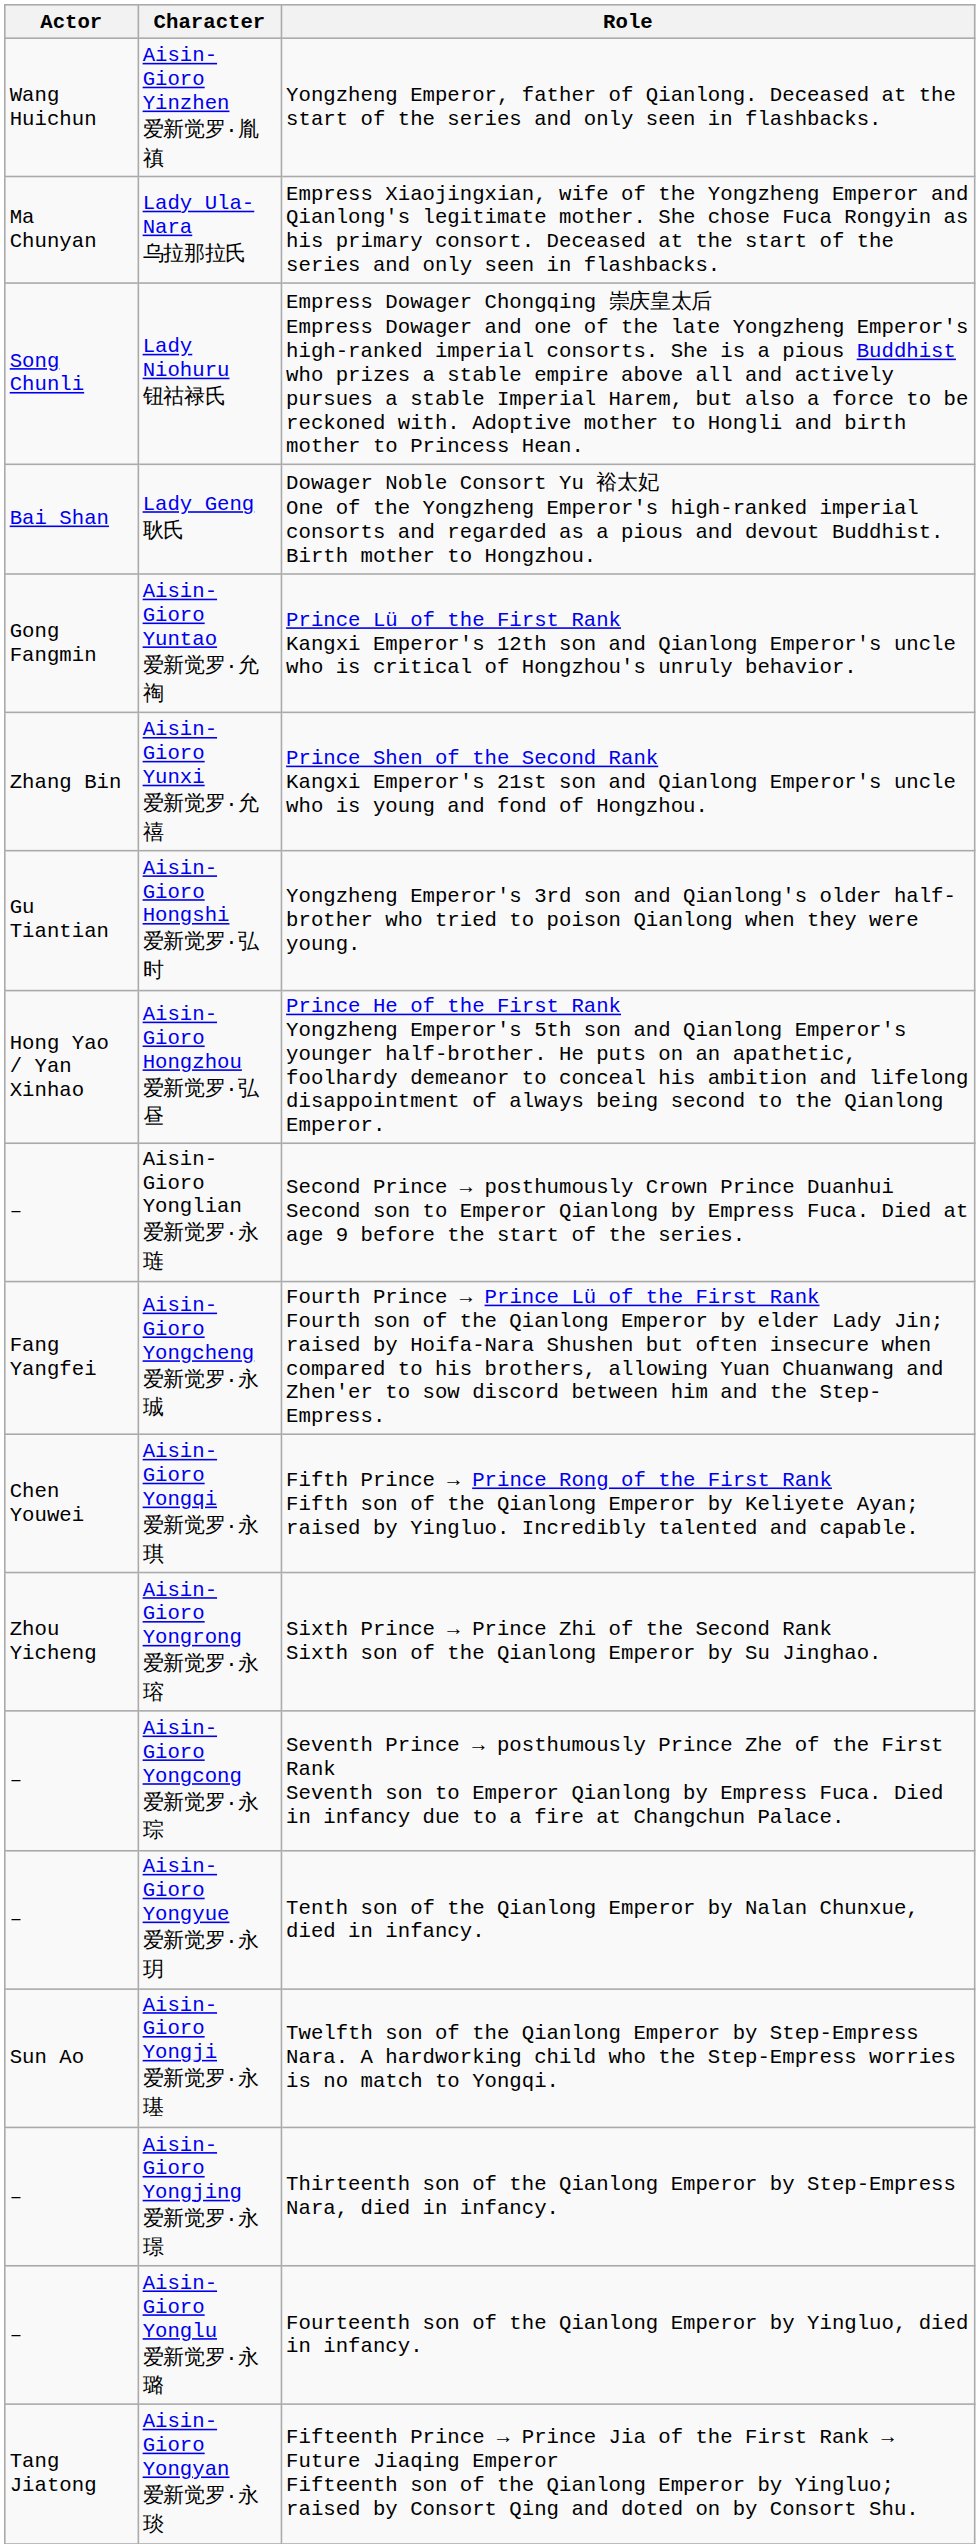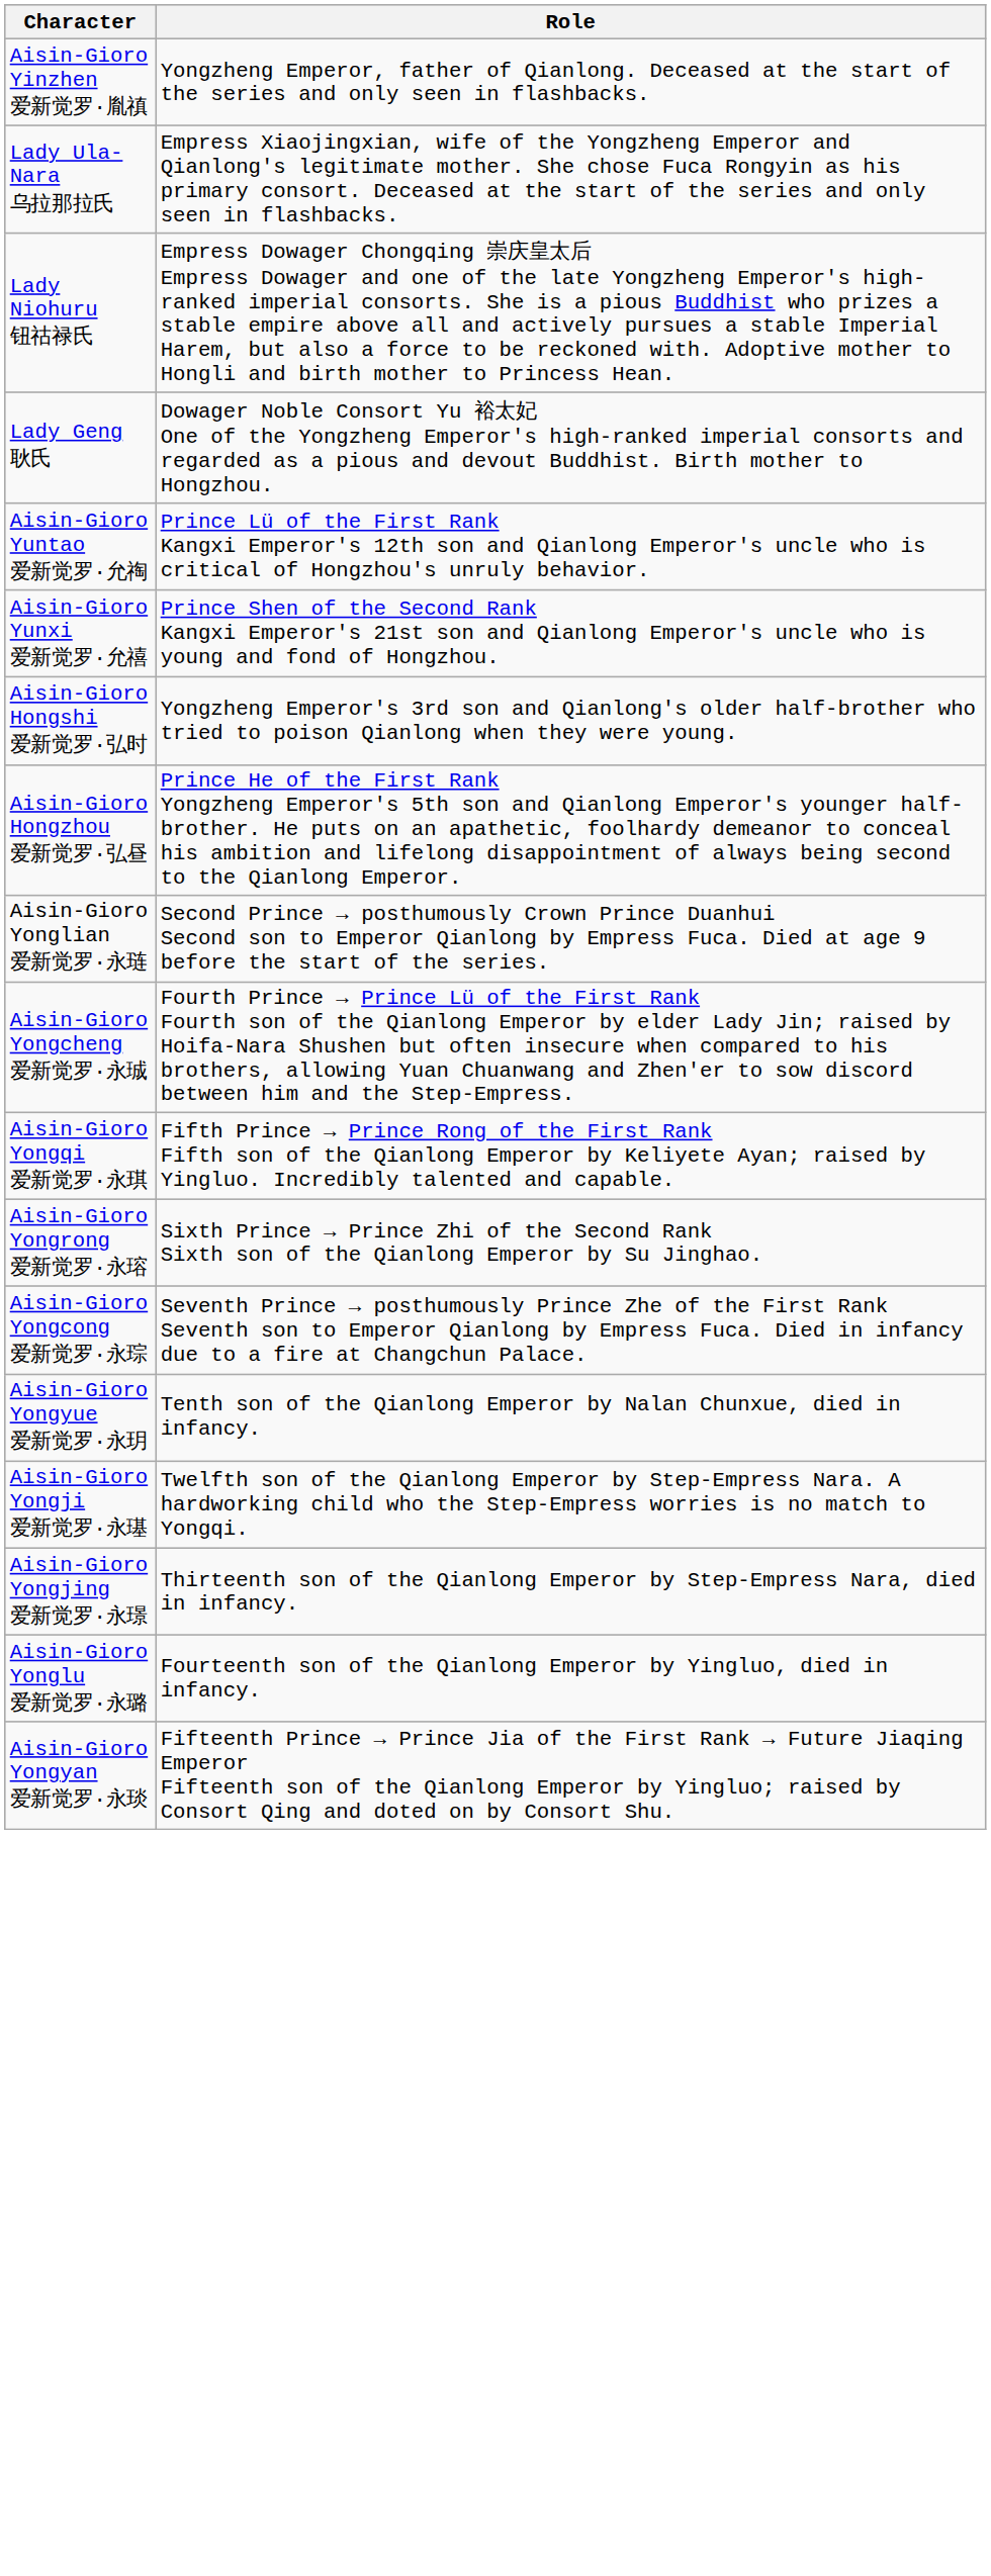 <table class="wikitable">
 <tr>
-<th>Actor</th>
 <th>Character</th>
 <th>Role</th>
 </tr>
 <tr>
-<td>Wang Huichun</td>
 <td><a href='#'>Aisin-Gioro Yinzhen</a><br>爱新觉罗·胤禛</td>
 <td>Yongzheng Emperor, father of Qianlong. Deceased at the start of the series and only seen in flashbacks.</td>
 </tr>
 <tr>
-<td>Ma Chunyan</td>
 <td><a href='#'>Lady Ula-Nara</a><br>乌拉那拉氏</td>
 <td>Empress Xiaojingxian, wife of the Yongzheng Emperor and Qianlong's legitimate mother. She chose Fuca Rongyin as his primary consort. Deceased at the start of the series and only seen in flashbacks.</td>
 </tr>
 <tr>
-<td><a href='#'>Song Chunli</a></td>
 <td><a href='#'>Lady Niohuru</a><br>钮祜禄氏</td>
 <td>Empress Dowager Chongqing 崇庆皇太后<br>Empress Dowager and one of the late Yongzheng Emperor's high-ranked imperial consorts. She is a pious <a href='#'>Buddhist</a> who prizes a stable empire above all and actively pursues a stable Imperial Harem, but also a force to be reckoned with. Adoptive mother to Hongli and birth mother to Princess Hean.</td>
 </tr>
 <tr>
-<td><a href='#'>Bai Shan</a></td>
 <td><a href='#'>Lady Geng</a><br>耿氏</td>
 <td>Dowager Noble Consort Yu 裕太妃<br>One of the Yongzheng Emperor's high-ranked imperial consorts and regarded as a pious and devout Buddhist. Birth mother to Hongzhou.</td>
 </tr>
 <tr>
-<td>Gong Fangmin</td>
 <td><a href='#'>Aisin-Gioro Yuntao</a><br>爱新觉罗·允祹</td>
 <td><a href='#'>Prince Lü of the First Rank</a><br>Kangxi Emperor's 12th son and Qianlong Emperor's uncle who is critical of Hongzhou's unruly behavior.</td>
 </tr>
 <tr>
-<td>Zhang Bin</td>
 <td><a href='#'>Aisin-Gioro Yunxi</a><br>爱新觉罗·允禧</td>
 <td><a href='#'>Prince Shen of the Second Rank</a><br>Kangxi Emperor's 21st son and Qianlong Emperor's uncle who is young and fond of Hongzhou.</td>
 </tr>
 <tr>
-<td>Gu Tiantian</td>
 <td><a href='#'>Aisin-Gioro Hongshi</a><br>爱新觉罗·弘时</td>
 <td>Yongzheng Emperor's 3rd son and Qianlong's older half-brother who tried to poison Qianlong when they were young.</td>
 </tr>
 <tr>
-<td>Hong Yao / Yan Xinhao</td>
 <td><a href='#'>Aisin-Gioro Hongzhou</a><br>爱新觉罗·弘昼</td>
 <td><a href='#'>Prince He of the First Rank</a><br>Yongzheng Emperor's 5th son and Qianlong Emperor's younger half-brother. He puts on an apathetic, foolhardy demeanor to conceal his ambition and lifelong disappointment of always being second to the Qianlong Emperor.</td>
 </tr>
 <tr>
-<td>–</td>
 <td>Aisin-Gioro Yonglian<br>爱新觉罗·永琏</td>
 <td>Second Prince → posthumously Crown Prince Duanhui<br>Second son to Emperor Qianlong by Empress Fuca. Died at age 9 before the start of the series.</td>
 </tr>
 <tr>
-<td>Fang Yangfei</td>
 <td><a href='#'>Aisin-Gioro Yongcheng</a><br>爱新觉罗·永珹</td>
 <td>Fourth Prince → <a href='#'>Prince Lü of the First Rank</a><br>Fourth son of the Qianlong Emperor by elder Lady Jin; raised by Hoifa-Nara Shushen but often insecure when compared to his brothers, allowing Yuan Chuanwang and Zhen'er to sow discord between him and the Step-Empress.</td>
 </tr>
 <tr>
-<td>Chen Youwei</td>
 <td><a href='#'>Aisin-Gioro Yongqi</a><br>爱新觉罗·永琪</td>
 <td>Fifth Prince → <a href='#'>Prince Rong of the First Rank</a><br>Fifth son of the Qianlong Emperor by Keliyete Ayan; raised by Yingluo. Incredibly talented and capable.</td>
 </tr>
 <tr>
-<td>Zhou Yicheng</td>
 <td><a href='#'>Aisin-Gioro Yongrong</a><br>爱新觉罗·永瑢</td>
 <td>Sixth Prince → Prince Zhi of the Second Rank<br>Sixth son of the Qianlong Emperor by Su Jinghao.</td>
 </tr>
 <tr>
-<td>–</td>
 <td><a href='#'>Aisin-Gioro Yongcong</a><br>爱新觉罗·永琮</td>
 <td>Seventh Prince → posthumously Prince Zhe of the First Rank<br>Seventh son to Emperor Qianlong by Empress Fuca. Died in infancy due to a fire at Changchun Palace.</td>
 </tr>
 <tr>
-<td>–</td>
 <td><a href='#'>Aisin-Gioro Yongyue</a><br>爱新觉罗·永玥</td>
 <td>Tenth son of the Qianlong Emperor by Nalan Chunxue, died in infancy.</td>
 </tr>
 <tr>
-<td>Sun Ao</td>
 <td><a href='#'>Aisin-Gioro Yongji</a><br>爱新觉罗·永璂</td>
 <td>Twelfth son of the Qianlong Emperor by Step-Empress Nara. A hardworking child who the Step-Empress worries is no match to Yongqi.</td>
 </tr>
 <tr>
-<td>–</td>
 <td><a href='#'>Aisin-Gioro Yongjing</a><br>爱新觉罗·永璟</td>
 <td>Thirteenth son of the Qianlong Emperor by Step-Empress Nara, died in infancy.</td>
 </tr>
 <tr>
-<td>–</td>
 <td><a href='#'>Aisin-Gioro Yonglu</a><br>爱新觉罗·永璐</td>
 <td>Fourteenth son of the Qianlong Emperor by Yingluo, died in infancy.</td>
 </tr>
 <tr>
-<td>Tang Jiatong</td>
 <td><a href='#'>Aisin-Gioro Yongyan</a><br>爱新觉罗·永琰</td>
 <td>Fifteenth Prince → Prince Jia of the First Rank → Future Jiaqing Emperor<br>Fifteenth son of the Qianlong Emperor by Yingluo; raised by Consort Qing and doted on by Consort Shu.</td>
 </tr>
 </table>
